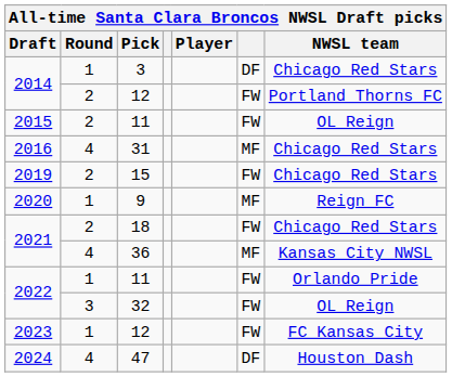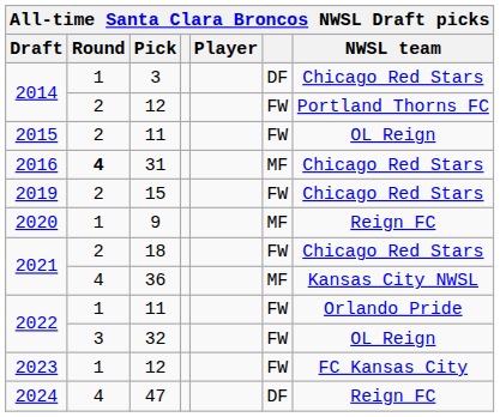 <table class="wikitable sortable" style="text-align: center;">
 <tr>
 <th colspan="7" style="background:#">All-time <a href='#'><span>Santa Clara Broncos</span></a> NWSL Draft picks</th>
 </tr>
 <tr>
 <th scope="col">Draft</th>
 <th scope="col">Round</th>
 <th scope="col">Pick</th>
 <th scope="col"></th>
 <th scope="col">Player</th>
 <th scope="col"></th>
 <th scope="col">NWSL team</th>
 </tr>
 <tr>
 <td rowspan="2"><a href='#'>2014</a></td>
 <td>1</td>
 <td>3</td>
 <td></td>
 <td></td>
 <td>DF</td>
 <td><a href='#'>Chicago Red Stars</a></td>
 </tr>
 <tr>
 <td>2</td>
 <td>12</td>
 <td></td>
 <td></td>
 <td>FW</td>
 <td><a href='#'>Portland Thorns FC</a></td>
 </tr>
 <tr>
 <td><a href='#'>2015</a></td>
 <td>2</td>
 <td>11</td>
 <td></td>
 <td></td>
 <td>FW</td>
 <td><a href='#'>OL Reign</a></td>
 </tr>
 <tr>
 <td><a href='#'>2016</a></td>
-<td>4</td>
+<td><strong>4</strong></td>
 <td>31</td>
 <td></td>
 <td></td>
 <td>MF</td>
 <td><a href='#'>Chicago Red Stars</a></td>
 </tr>
 <tr>
 <td><a href='#'>2019</a></td>
 <td>2</td>
 <td>15</td>
 <td></td>
 <td></td>
 <td>FW</td>
 <td><a href='#'>Chicago Red Stars</a></td>
 </tr>
 <tr>
 <td><a href='#'>2020</a></td>
 <td>1</td>
 <td>9</td>
 <td></td>
 <td></td>
 <td>MF</td>
 <td><a href='#'>Reign FC</a></td>
 </tr>
 <tr>
 <td rowspan="2"><a href='#'>2021</a></td>
 <td>2</td>
 <td>18</td>
 <td></td>
 <td></td>
 <td>FW</td>
 <td><a href='#'>Chicago Red Stars</a></td>
 </tr>
 <tr>
 <td>4</td>
 <td>36</td>
 <td></td>
 <td></td>
 <td>MF</td>
 <td><a href='#'>Kansas City NWSL</a></td>
 </tr>
 <tr>
 <td rowspan="2"><a href='#'>2022</a></td>
 <td>1</td>
 <td>11</td>
 <td></td>
 <td></td>
 <td>FW</td>
 <td><a href='#'>Orlando Pride</a></td>
 </tr>
 <tr>
 <td>3</td>
 <td>32</td>
 <td></td>
 <td></td>
 <td>FW</td>
 <td><a href='#'>OL Reign</a></td>
 </tr>
 <tr>
 <td><a href='#'>2023</a></td>
 <td>1</td>
 <td>12</td>
 <td></td>
 <td></td>
 <td>FW</td>
 <td><a href='#'>FC Kansas City</a></td>
 </tr>
 <tr>
 <td><a href='#'>2024</a></td>
 <td>4</td>
 <td>47</td>
 <td></td>
 <td></td>
 <td>DF</td>
-<td><a href='#'>Houston Dash</a></td>
+<td><a href='#'>Reign FC</a></td>
 </tr>
 </table>
